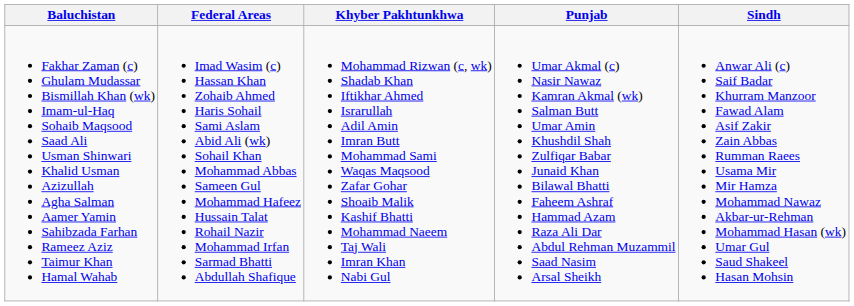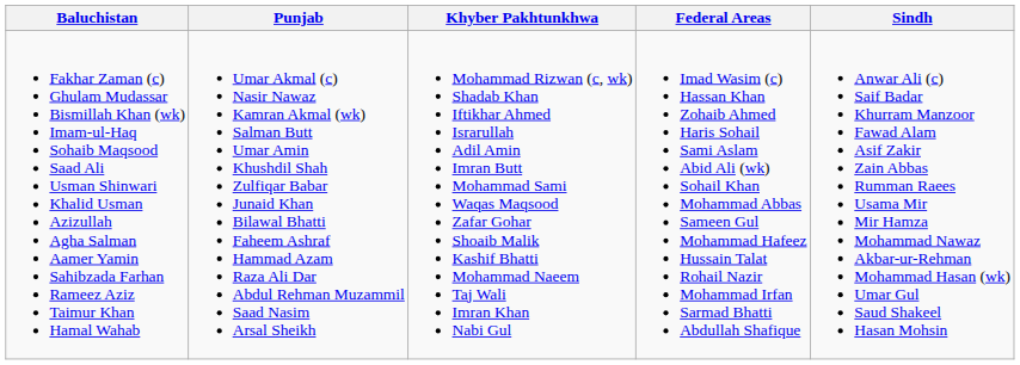 <table class="wikitable" style="text-align:left; margin:auto;">
 <tr>
 <th style="width=20%;"><a href='#'>Baluchistan</a></th>
+<th style="width=20%;"><a href='#'>Punjab</a></th>
+<th style="width=20%;"><a href='#'>Khyber Pakhtunkhwa</a></th>
 <th style="width=20%;"><a href='#'>Federal Areas</a></th>
-<th style="width=20%;"><a href='#'>Khyber Pakhtunkhwa</a></th>
-<th style="width=20%;"><a href='#'>Punjab</a></th>
 <th style="width=20%;"><a href='#'>Sindh</a></th>
 </tr>
 <tr>
 <td valign=top><br><ul><li><a href='#'>Fakhar Zaman</a> (<a href='#'>c</a>)</li><li><a href='#'>Ghulam Mudassar</a></li><li><a href='#'>Bismillah Khan</a> (<a href='#'>wk</a>)</li><li><a href='#'>Imam-ul-Haq</a></li><li><a href='#'>Sohaib Maqsood</a></li><li><a href='#'>Saad Ali</a></li><li><a href='#'>Usman Shinwari</a></li><li><a href='#'>Khalid Usman</a></li><li><a href='#'>Azizullah</a></li><li><a href='#'>Agha Salman</a></li><li><a href='#'>Aamer Yamin</a></li><li><a href='#'>Sahibzada Farhan</a></li><li><a href='#'>Rameez Aziz</a></li><li><a href='#'>Taimur Khan</a></li><li><a href='#'>Hamal Wahab</a></li></ul></td>
+<td valign=top><br><ul><li><a href='#'>Umar Akmal</a> (<a href='#'>c</a>)</li><li><a href='#'>Nasir Nawaz</a></li><li><a href='#'>Kamran Akmal</a> (<a href='#'>wk</a>)</li><li><a href='#'>Salman Butt</a></li><li><a href='#'>Umar Amin</a></li><li><a href='#'>Khushdil Shah</a></li><li><a href='#'>Zulfiqar Babar</a></li><li><a href='#'>Junaid Khan</a></li><li><a href='#'>Bilawal Bhatti</a></li><li><a href='#'>Faheem Ashraf</a></li><li><a href='#'>Hammad Azam</a></li><li><a href='#'>Raza Ali Dar</a></li><li><a href='#'>Abdul Rehman Muzammil</a></li><li><a href='#'>Saad Nasim</a></li><li><a href='#'>Arsal Sheikh</a></li></ul></td>
+<td valign=top><br><ul><li><a href='#'>Mohammad Rizwan</a> (<a href='#'>c</a>, <a href='#'>wk</a>)</li><li><a href='#'>Shadab Khan</a></li><li><a href='#'>Iftikhar Ahmed</a></li><li><a href='#'>Israrullah</a></li><li><a href='#'>Adil Amin</a></li><li><a href='#'>Imran Butt</a></li><li><a href='#'>Mohammad Sami</a></li><li><a href='#'>Waqas Maqsood</a></li><li><a href='#'>Zafar Gohar</a></li><li><a href='#'>Shoaib Malik</a></li><li><a href='#'>Kashif Bhatti</a></li><li><a href='#'>Mohammad Naeem</a></li><li><a href='#'>Taj Wali</a></li><li><a href='#'>Imran Khan</a></li><li><a href='#'>Nabi Gul</a></li></ul></td>
 <td valign=top><br><ul><li><a href='#'>Imad Wasim</a> (<a href='#'>c</a>)</li><li><a href='#'>Hassan Khan</a></li><li><a href='#'>Zohaib Ahmed</a></li><li><a href='#'>Haris Sohail</a></li><li><a href='#'>Sami Aslam</a></li><li><a href='#'>Abid Ali</a> (<a href='#'>wk</a>)</li><li><a href='#'>Sohail Khan</a></li><li><a href='#'>Mohammad Abbas</a></li><li><a href='#'>Sameen Gul</a></li><li><a href='#'>Mohammad Hafeez</a></li><li><a href='#'>Hussain Talat</a></li><li><a href='#'>Rohail Nazir</a></li><li><a href='#'>Mohammad Irfan</a></li><li><a href='#'>Sarmad Bhatti</a></li><li><a href='#'>Abdullah Shafique</a></li></ul></td>
-<td valign=top><br><ul><li><a href='#'>Mohammad Rizwan</a> (<a href='#'>c</a>, <a href='#'>wk</a>)</li><li><a href='#'>Shadab Khan</a></li><li><a href='#'>Iftikhar Ahmed</a></li><li><a href='#'>Israrullah</a></li><li><a href='#'>Adil Amin</a></li><li><a href='#'>Imran Butt</a></li><li><a href='#'>Mohammad Sami</a></li><li><a href='#'>Waqas Maqsood</a></li><li><a href='#'>Zafar Gohar</a></li><li><a href='#'>Shoaib Malik</a></li><li><a href='#'>Kashif Bhatti</a></li><li><a href='#'>Mohammad Naeem</a></li><li><a href='#'>Taj Wali</a></li><li><a href='#'>Imran Khan</a></li><li><a href='#'>Nabi Gul</a></li></ul></td>
-<td valign=top><br><ul><li><a href='#'>Umar Akmal</a> (<a href='#'>c</a>)</li><li><a href='#'>Nasir Nawaz</a></li><li><a href='#'>Kamran Akmal</a> (<a href='#'>wk</a>)</li><li><a href='#'>Salman Butt</a></li><li><a href='#'>Umar Amin</a></li><li><a href='#'>Khushdil Shah</a></li><li><a href='#'>Zulfiqar Babar</a></li><li><a href='#'>Junaid Khan</a></li><li><a href='#'>Bilawal Bhatti</a></li><li><a href='#'>Faheem Ashraf</a></li><li><a href='#'>Hammad Azam</a></li><li><a href='#'>Raza Ali Dar</a></li><li><a href='#'>Abdul Rehman Muzammil</a></li><li><a href='#'>Saad Nasim</a></li><li><a href='#'>Arsal Sheikh</a></li></ul></td>
 <td valign=top><br><ul><li><a href='#'>Anwar Ali</a> (<a href='#'>c</a>)</li><li><a href='#'>Saif Badar</a></li><li><a href='#'>Khurram Manzoor</a></li><li><a href='#'>Fawad Alam</a></li><li><a href='#'>Asif Zakir</a></li><li><a href='#'>Zain Abbas</a></li><li><a href='#'>Rumman Raees</a></li><li><a href='#'>Usama Mir</a></li><li><a href='#'>Mir Hamza</a></li><li><a href='#'>Mohammad Nawaz</a></li><li><a href='#'>Akbar-ur-Rehman</a></li><li><a href='#'>Mohammad Hasan</a> (<a href='#'>wk</a>)</li><li><a href='#'>Umar Gul</a></li><li><a href='#'>Saud Shakeel</a></li><li><a href='#'>Hasan Mohsin</a></li></ul></td>
 </tr>
 </table>
